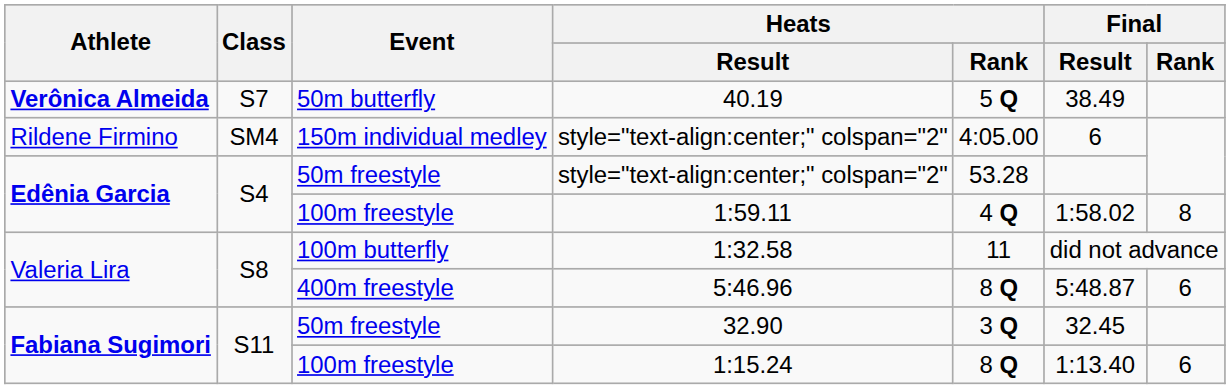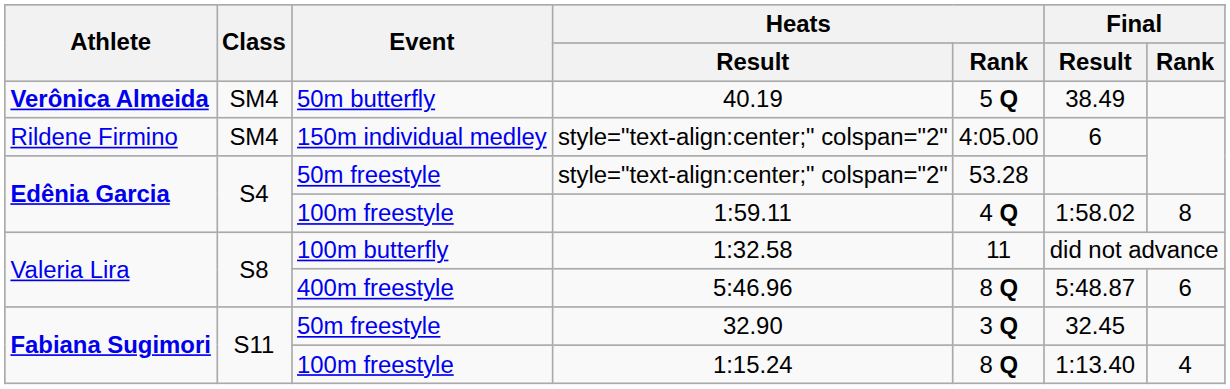 <table class=wikitable style="font-size:90%">
 <tr>
 <th rowspan="2">Athlete</th>
 <th rowspan="2">Class</th>
 <th rowspan="2">Event</th>
 <th colspan="2">Heats</th>
 <th colspan="2">Final</th>
 </tr>
 <tr>
 <th>Result</th>
 <th>Rank</th>
 <th>Result</th>
 <th>Rank</th>
 </tr>
 <tr>
 <td><strong><a href='#'>Verônica Almeida</a></strong></td>
-<td style="text-align:center;">S7</td>
+<td style="text-align:center;">SM4</td>
 <td><a href='#'>50m butterfly</a></td>
 <td style="text-align:center;">40.19</td>
 <td style="text-align:center;">5 <strong>Q</strong></td>
 <td style="text-align:center;">38.49</td>
 <td style="text-align:center;"></td>
 </tr>
 <tr>
 <td><a href='#'>Rildene Firmino</a></td>
 <td style="text-align:center;">SM4</td>
 <td><a href='#'>150m individual medley</a></td>
 <td>style="text-align:center;" colspan="2" </td>
 <td style="text-align:center;">4:05.00</td>
 <td style="text-align:center;">6</td>
 </tr>
 <tr>
 <td rowspan="2"><strong><a href='#'>Edênia Garcia</a></strong></td>
 <td rowspan="2" style="text-align:center;">S4</td>
 <td><a href='#'>50m freestyle</a></td>
 <td>style="text-align:center;" colspan="2" </td>
 <td style="text-align:center;">53.28</td>
 <td style="text-align:center;"></td>
 </tr>
 <tr>
 <td><a href='#'>100m freestyle</a></td>
 <td style="text-align:center;">1:59.11</td>
 <td style="text-align:center;">4 <strong>Q</strong></td>
 <td style="text-align:center;">1:58.02</td>
 <td style="text-align:center;">8</td>
 </tr>
 <tr>
 <td rowspan="2"><a href='#'>Valeria Lira</a></td>
 <td rowspan="2" style="text-align:center;">S8</td>
 <td><a href='#'>100m butterfly</a></td>
 <td style="text-align:center;">1:32.58</td>
 <td style="text-align:center;">11</td>
 <td style="text-align:center;" colspan="2">did not advance</td>
 </tr>
 <tr>
 <td><a href='#'>400m freestyle</a></td>
 <td style="text-align:center;">5:46.96</td>
 <td style="text-align:center;">8 <strong>Q</strong></td>
 <td style="text-align:center;">5:48.87</td>
 <td style="text-align:center;">6</td>
 </tr>
 <tr>
 <td rowspan="2"><strong><a href='#'>Fabiana Sugimori</a></strong></td>
 <td rowspan="2" style="text-align:center;">S11</td>
 <td><a href='#'>50m freestyle</a></td>
 <td style="text-align:center;">32.90</td>
 <td style="text-align:center;">3 <strong>Q</strong></td>
 <td style="text-align:center;">32.45</td>
 <td style="text-align:center;"></td>
 </tr>
 <tr>
 <td><a href='#'>100m freestyle</a></td>
 <td style="text-align:center;">1:15.24</td>
 <td style="text-align:center;">8 <strong>Q</strong></td>
 <td style="text-align:center;">1:13.40</td>
-<td style="text-align:center;">6</td>
+<td style="text-align:center;">4</td>
 </tr>
 </table>
